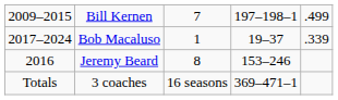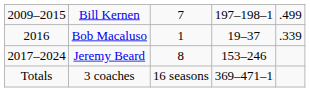 <table class="wikitable" style="text-align:center">
 <tr>
 <td>2009–2015</td>
 <td><a href='#'>Bill Kernen</a></td>
 <td>7</td>
 <td>197–198–1</td>
 <td>.499</td>
 </tr>
 <tr>
-<td>2017–2024</td>
+<td>2016</td>
 <td><a href='#'>Bob Macaluso</a></td>
 <td>1</td>
 <td>19–37</td>
 <td>.339</td>
 </tr>
 <tr>
-<td>2016</td>
+<td>2017–2024</td>
 <td><a href='#'>Jeremy Beard</a></td>
 <td>8</td>
 <td>153–246</td>
 <td></td>
 </tr>
 <tr class="sortbottom">
 <td>Totals</td>
 <td>3 coaches</td>
 <td>16 seasons</td>
 <td>369–471–1</td>
 <td></td>
 </tr>
 </table>
